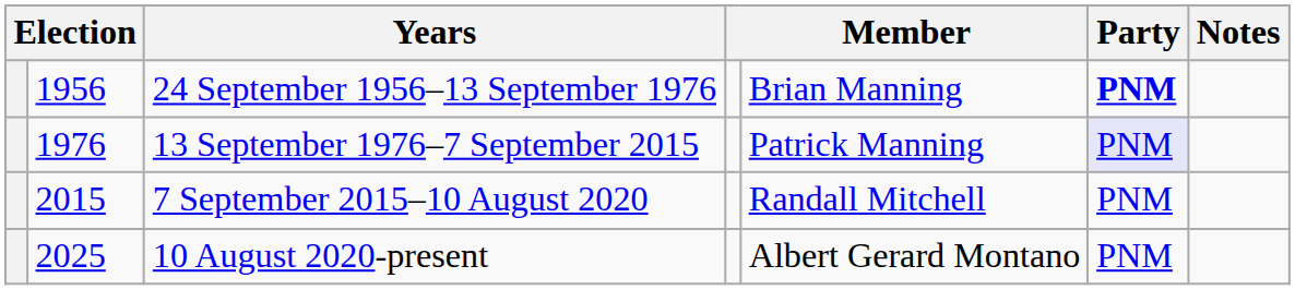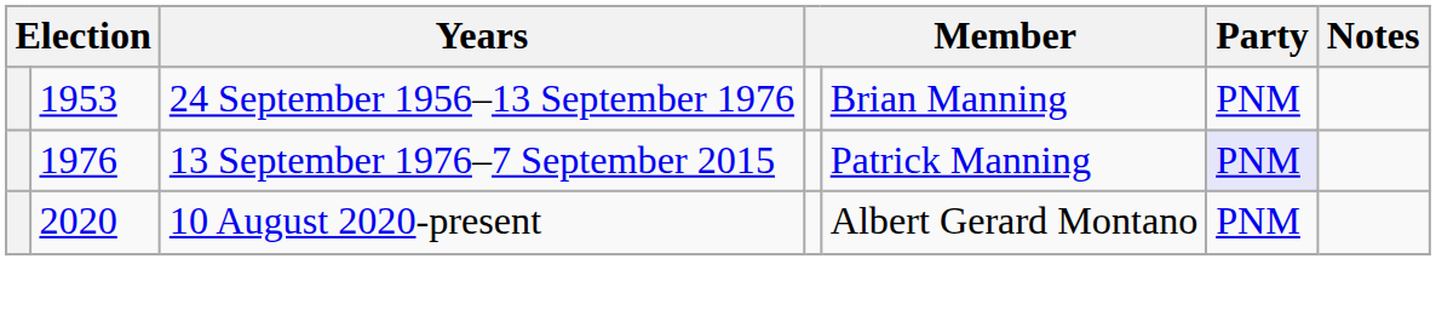 <table class="wikitable sortable" style="valign:top">
 <tr>
 <th colspan="2">Election</th>
 <th>Years</th>
 <th colspan="2">Member</th>
 <th>Party</th>
 <th>Notes</th>
 </tr>
 <tr>
 <th style="background-color: "></th>
-<td><a href='#'>1956</a></td>
+<td><a href='#'>1953</a></td>
 <td><a href='#'>24 September 1956</a>–<a href='#'>13 September 1976</a></td>
 <td></td>
 <td><a href='#'>Brian Manning</a></td>
-<td><strong><a href='#'>PNM</a></strong></td>
+<td><a href='#'>PNM</a></td>
 <td></td>
 </tr>
 <tr>
 <th style="background-color: "></th>
 <td><a href='#'>1976</a></td>
 <td><a href='#'>13 September 1976</a>–<a href='#'>7 September 2015</a></td>
 <td></td>
 <td><a href='#'>Patrick Manning</a></td>
 <td style="background: lavender;"><a href='#'>PNM</a></td>
 <td></td>
 </tr>
 <tr>
 <th style="background-color: "></th>
-<td><a href='#'>2015</a></td>
-<td><a href='#'>7 September 2015</a>–<a href='#'>10 August 2020</a></td>
-<td></td>
-<td><a href='#'>Randall Mitchell</a></td>
-<td><a href='#'>PNM</a></td>
-<td></td>
-</tr>
-<tr>
-<th style="background-color: "></th>
-<td><a href='#'>2025</a></td>
+<td><a href='#'>2020</a></td>
 <td><a href='#'>10 August 2020</a>-present</td>
 <td></td>
 <td>Albert Gerard Montano</td>
 <td><a href='#'>PNM</a></td>
 <td></td>
 </tr>
 </table>
